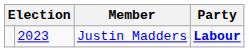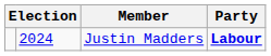 <table class="wikitable">
 <tr>
 <th colspan="2">Election</th>
 <th>Member</th>
 <th>Party</th>
 </tr>
 <tr>
 <td style="color:inherit;background-color: "></td>
-<td><a href='#'>2023</a></td>
+<td><a href='#'>2024</a></td>
 <td><a href='#'>Justin Madders</a></td>
 <td><strong><a href='#'>Labour</a></strong></td>
 </tr>
 </table>
